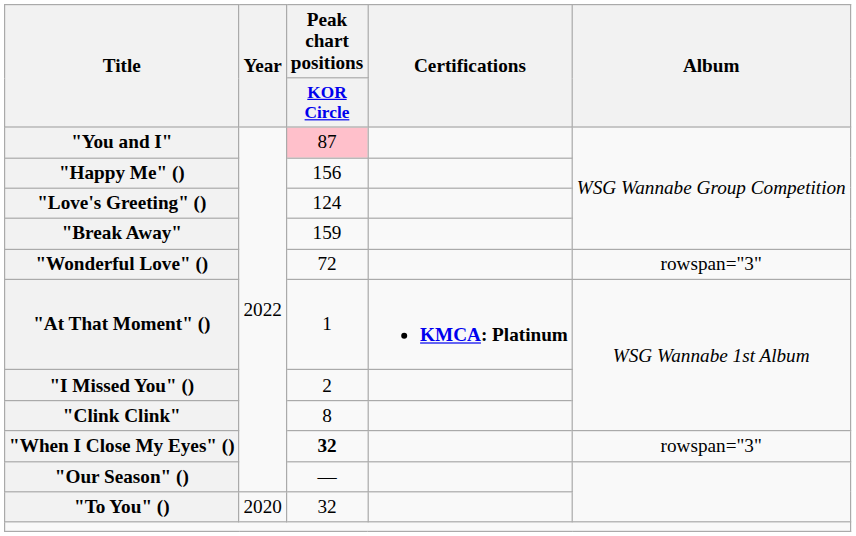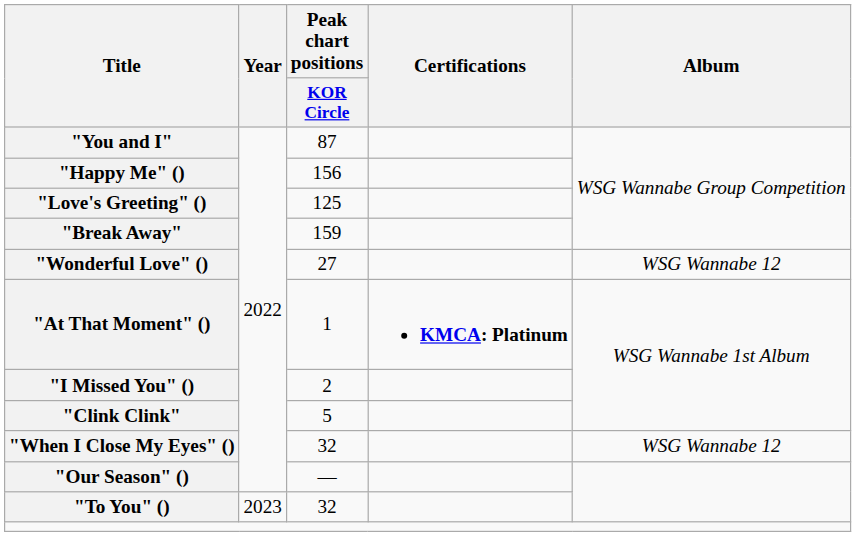 <table class="wikitable plainrowheaders" style="text-align:center;">
 <tr>
 <th scope="col" rowspan="2">Title</th>
 <th scope="col" rowspan="2">Year</th>
 <th scope="col">Peak chart positions</th>
 <th scope="col" rowspan="2">Certifications</th>
 <th scope="col" rowspan="2">Album</th>
 </tr>
 <tr>
 <th scope="col" style="font-size:90%; width:3em"><a href='#'>KOR<br>Circle</a><br></th>
 </tr>
 <tr>
 <th scope="row">"You and I" <br></th>
 <td rowspan="10">2022</td>
-<td style="background: pink;">87</td>
+<td>87</td>
 <td></td>
 <td rowspan="4"><em>WSG Wannabe Group Competition</em></td>
 </tr>
 <tr>
 <th scope="row">"Happy Me" ()  <br></th>
 <td>156</td>
 <td></td>
 </tr>
 <tr>
 <th scope="row">"Love's Greeting" ()  <br></th>
-<td>124</td>
+<td>125</td>
 <td></td>
 </tr>
 <tr>
 <th scope="row">"Break Away" <br></th>
 <td>159</td>
 </tr>
 <tr>
 <th scope="row">"Wonderful Love" ()  <br></th>
-<td>72</td>
+<td>27</td>
 <td></td>
-<td>rowspan="3" </td>
+<td><em>WSG Wannabe 12</em></td>
 </tr>
 <tr>
 <th scope="row">"At That Moment" ()<br></th>
 <td>1</td>
 <td><strong><br><ul><li><a href='#'>KMCA</a>: Platinum</li></ul></strong></td>
 <td rowspan="3"><em>WSG Wannabe 1st Album</em></td>
 </tr>
 <tr>
 <th scope="row">"I Missed You" ()<br></th>
 <td>2</td>
 <td></td>
 </tr>
 <tr>
 <th scope="row">"Clink Clink"<br></th>
-<td>8</td>
+<td>5</td>
 <td></td>
 </tr>
 <tr>
 <th scope="row">"When I Close My Eyes" ()<br></th>
-<td><strong>32</strong></td>
+<td>32</td>
 <td></td>
-<td>rowspan="3" </td>
+<td><em>WSG Wannabe 12</em></td>
 </tr>
 <tr>
 <th scope="row">"Our Season" ()<br></th>
 <td>—</td>
 <td></td>
 </tr>
 <tr>
 <th scope="row">"To You" ()<br></th>
-<td>2020</td>
+<td>2023</td>
 <td>32</td>
 <td></td>
 </tr>
 <tr>
 <td colspan="5"></td>
 </tr>
 </table>
